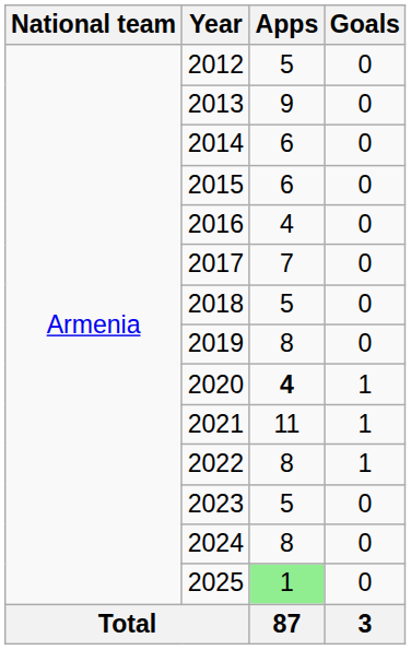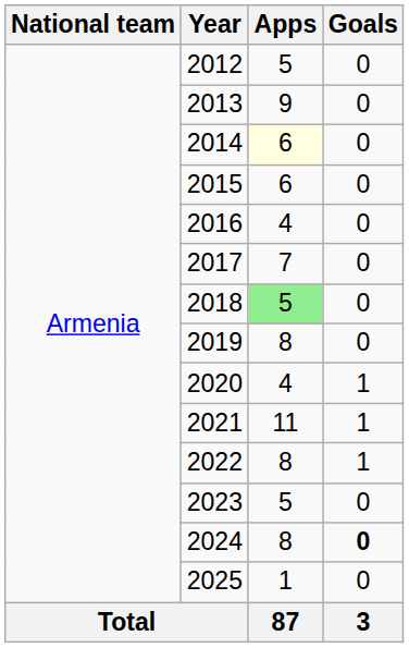 <table class="wikitable" style="text-align:center">
 <tr>
 <th>National team</th>
 <th>Year</th>
 <th>Apps</th>
 <th>Goals</th>
 </tr>
 <tr>
 <td rowspan="14"><a href='#'>Armenia</a></td>
 <td>2012</td>
 <td>5</td>
 <td>0</td>
 </tr>
 <tr>
 <td>2013</td>
 <td>9</td>
 <td>0</td>
 </tr>
 <tr>
 <td>2014</td>
-<td>6</td>
+<td style="background: lightyellow;">6</td>
 <td>0</td>
 </tr>
 <tr>
 <td>2015</td>
 <td>6</td>
 <td>0</td>
 </tr>
 <tr>
 <td>2016</td>
 <td>4</td>
 <td>0</td>
 </tr>
 <tr>
 <td>2017</td>
 <td>7</td>
 <td>0</td>
 </tr>
 <tr>
 <td>2018</td>
-<td>5</td>
+<td style="background: lightgreen;">5</td>
 <td>0</td>
 </tr>
 <tr>
 <td>2019</td>
 <td>8</td>
 <td>0</td>
 </tr>
 <tr>
 <td>2020</td>
-<td><strong>4</strong></td>
+<td>4</td>
 <td>1</td>
 </tr>
 <tr>
 <td>2021</td>
 <td>11</td>
 <td>1</td>
 </tr>
 <tr>
 <td>2022</td>
 <td>8</td>
 <td>1</td>
 </tr>
 <tr>
 <td>2023</td>
 <td>5</td>
 <td>0</td>
 </tr>
 <tr>
 <td>2024</td>
 <td>8</td>
-<td>0</td>
+<td><strong>0</strong></td>
 </tr>
 <tr>
 <td>2025</td>
-<td style="background: lightgreen;">1</td>
+<td>1</td>
 <td>0</td>
 </tr>
 <tr>
 <th colspan="2">Total</th>
 <th>87</th>
 <th>3</th>
 </tr>
 </table>
